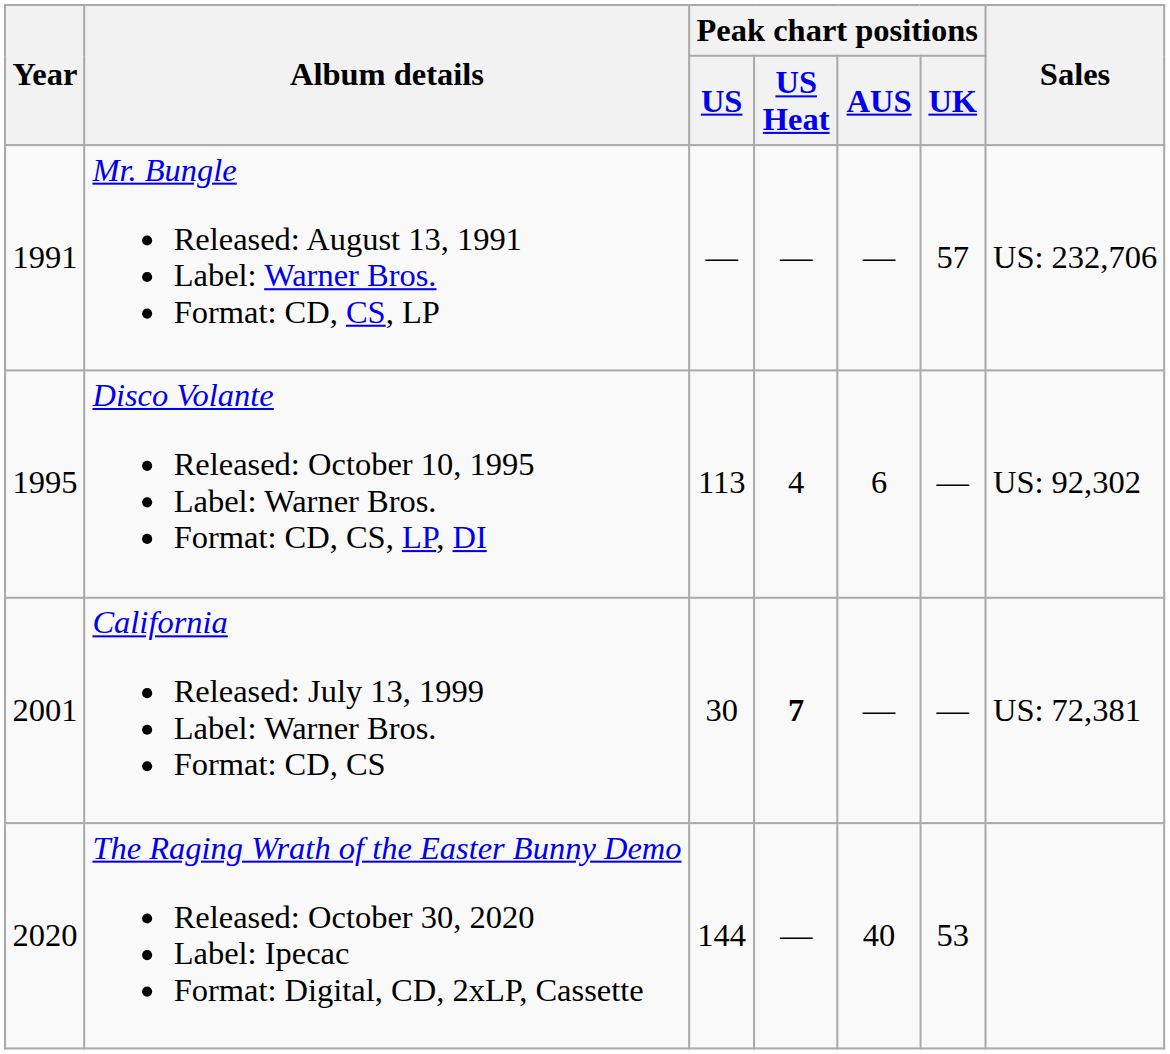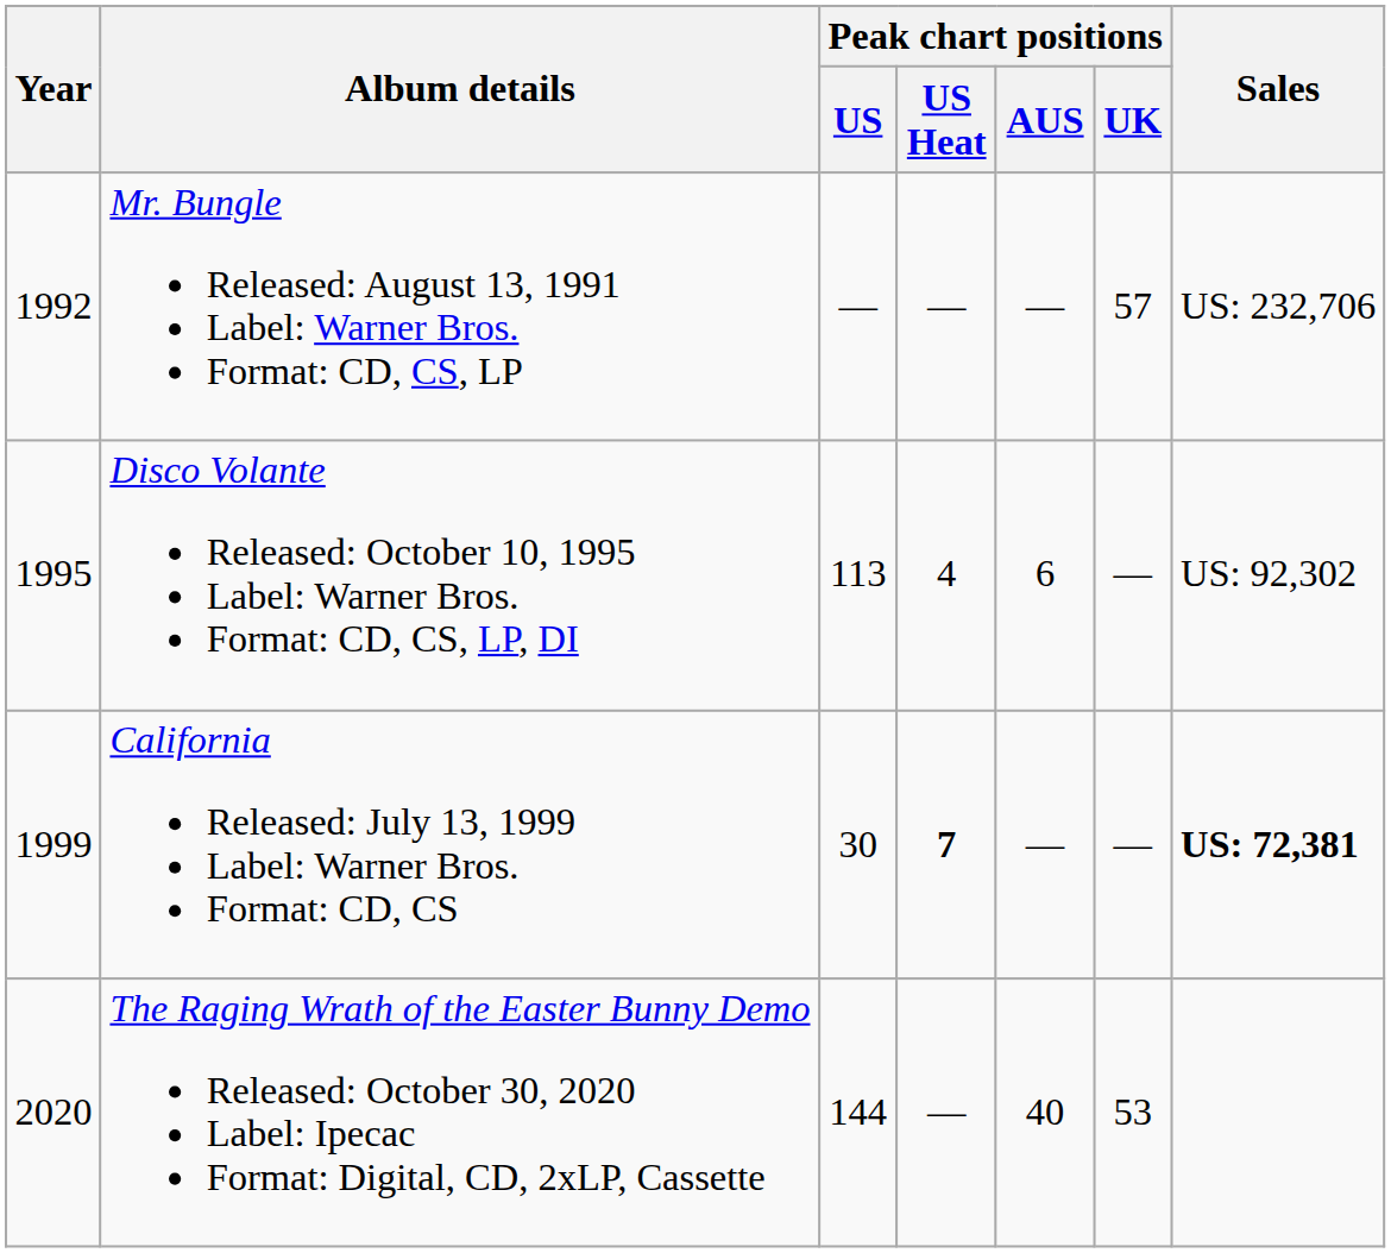 <table class="wikitable">
 <tr>
 <th rowspan="2">Year</th>
 <th rowspan="2">Album details</th>
 <th colspan="4">Peak chart positions</th>
 <th rowspan="2">Sales</th>
 </tr>
 <tr>
 <th><a href='#'>US</a><br></th>
 <th><a href='#'>US<br>Heat</a><br></th>
 <th><a href='#'>AUS</a><br></th>
 <th><a href='#'>UK</a><br></th>
 </tr>
 <tr>
-<td>1991</td>
+<td>1992</td>
 <td><em><a href='#'>Mr. Bungle</a></em><br><ul><li>Released: August 13, 1991</li><li>Label: <a href='#'>Warner Bros.</a></li><li>Format: CD, <a href='#'>CS</a>, LP</li></ul></td>
 <td style="text-align:center;">—</td>
 <td style="text-align:center;">—</td>
 <td style="text-align:center;">—</td>
 <td style="text-align:center;">57</td>
 <td>US: 232,706</td>
 </tr>
 <tr>
 <td>1995</td>
 <td><em><a href='#'>Disco Volante</a></em><br><ul><li>Released: October 10, 1995</li><li>Label: Warner Bros.</li><li>Format: CD, CS, <a href='#'>LP</a>, <a href='#'>DI</a></li></ul></td>
 <td style="text-align:center;">113</td>
 <td style="text-align:center;">4</td>
 <td style="text-align:center;">6</td>
 <td style="text-align:center;">—</td>
 <td>US: 92,302</td>
 </tr>
 <tr>
-<td>2001</td>
+<td>1999</td>
 <td><em><a href='#'>California</a></em><br><ul><li>Released: July 13, 1999</li><li>Label: Warner Bros.</li><li>Format: CD, CS</li></ul></td>
 <td style="text-align:center;">30</td>
 <td style="text-align:center;"><strong>7</strong></td>
 <td style="text-align:center;">—</td>
 <td style="text-align:center;">—</td>
-<td>US: 72,381</td>
+<td><strong>US: 72,381</strong></td>
 </tr>
 <tr>
 <td>2020</td>
 <td><em><a href='#'>The Raging Wrath of the Easter Bunny Demo</a></em><br><ul><li>Released: October 30, 2020</li><li>Label: Ipecac</li><li>Format: Digital, CD, 2xLP, Cassette</li></ul></td>
 <td style="text-align:center;">144</td>
 <td style="text-align:center;">—</td>
 <td style="text-align:center;">40</td>
 <td style="text-align:center;">53</td>
 <td></td>
 </tr>
 </table>
